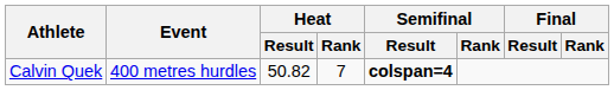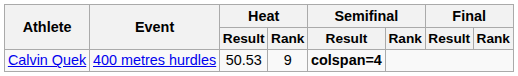 <table class="wikitable" style="font-size:90%">
 <tr>
 <th rowspan="2">Athlete</th>
 <th rowspan="2">Event</th>
 <th colspan="2">Heat</th>
 <th colspan="2">Semifinal</th>
 <th colspan="2">Final</th>
 </tr>
 <tr style="font-size:95%">
 <th>Result</th>
 <th>Rank</th>
 <th>Result</th>
 <th>Rank</th>
 <th>Result</th>
 <th>Rank</th>
 </tr>
 <tr align=center>
 <td align=left><a href='#'>Calvin Quek</a></td>
 <td align=left><a href='#'>400 metres hurdles</a></td>
-<td>50.82</td>
-<td>7</td>
+<td>50.53</td>
+<td>9</td>
 <td><strong>colspan=4 </strong></td>
 </tr>
 </table>
